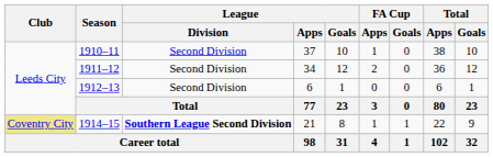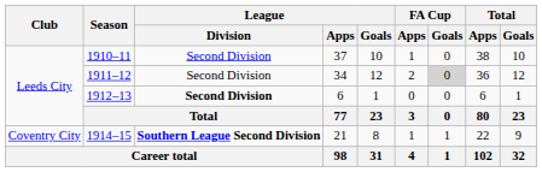 <table class="wikitable" style="text-align: center;">
 <tr>
 <th rowspan="2">Club</th>
 <th rowspan="2">Season</th>
 <th colspan="3">League</th>
 <th colspan="2">FA Cup</th>
 <th colspan="2">Total</th>
 </tr>
 <tr>
 <th>Division</th>
 <th>Apps</th>
 <th>Goals</th>
 <th>Apps</th>
 <th>Goals</th>
 <th>Apps</th>
 <th>Goals</th>
 </tr>
 <tr>
 <td rowspan="4"><a href='#'>Leeds City</a></td>
 <td><a href='#'>1910–11</a></td>
 <td><a href='#'>Second Division</a></td>
 <td>37</td>
 <td>10</td>
 <td>1</td>
 <td>0</td>
 <td>38</td>
 <td>10</td>
 </tr>
 <tr>
 <td><a href='#'>1911–12</a></td>
 <td>Second Division</td>
 <td>34</td>
 <td>12</td>
 <td>2</td>
-<td>0</td>
+<td style="background: lightgrey;">0</td>
 <td>36</td>
 <td>12</td>
 </tr>
 <tr>
 <td><a href='#'>1912–13</a></td>
-<td>Second Division</td>
+<td><strong>Second Division</strong></td>
 <td>6</td>
 <td>1</td>
 <td>0</td>
 <td>0</td>
 <td>6</td>
 <td>1</td>
 </tr>
 <tr>
 <th colspan="2">Total</th>
 <th>77</th>
 <th>23</th>
 <th>3</th>
 <th>0</th>
 <th>80</th>
 <th>23</th>
 </tr>
 <tr>
-<td style="background: khaki;"><a href='#'>Coventry City</a></td>
+<td><a href='#'>Coventry City</a></td>
 <td><a href='#'>1914–15</a></td>
 <td><strong><a href='#'>Southern League</a> Second Division</strong></td>
 <td>21</td>
 <td>8</td>
 <td>1</td>
 <td>1</td>
 <td>22</td>
 <td>9</td>
 </tr>
 <tr>
 <th colspan="3">Career total</th>
 <th>98</th>
 <th>31</th>
 <th>4</th>
 <th>1</th>
 <th>102</th>
 <th>32</th>
 </tr>
 </table>
